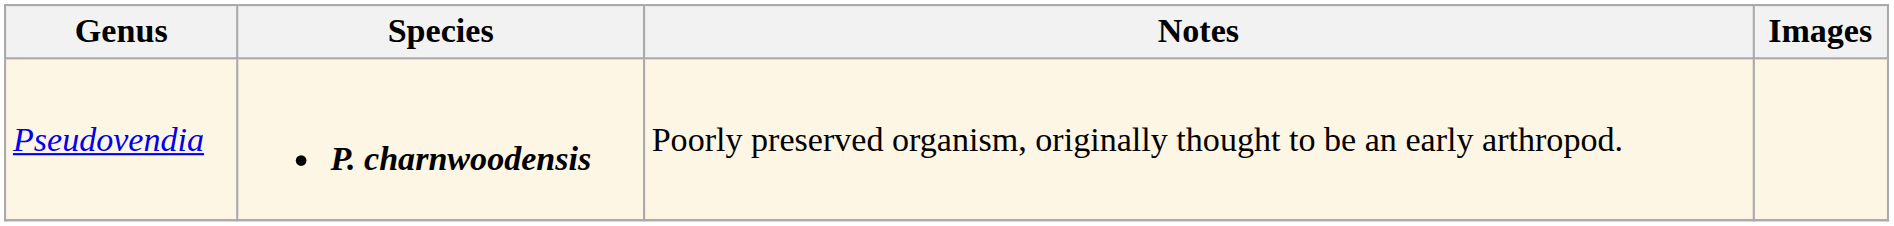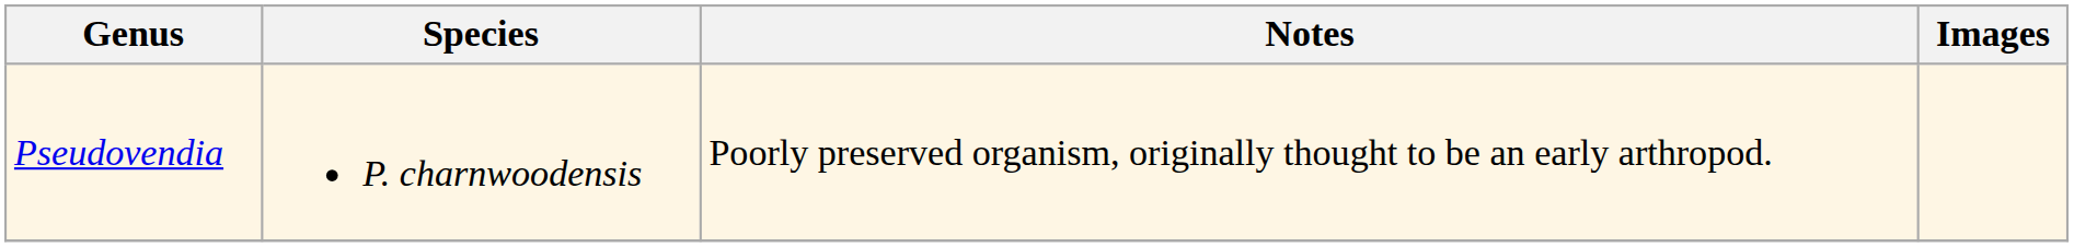 <table class="wikitable" style="width:70%;">
 <tr>
 <th>Genus</th>
 <th>Species</th>
 <th>Notes</th>
 <th>Images</th>
 </tr>
 <tr>
 <td style="background:#FEF6E4;"><em><a href='#'>Pseudovendia</a></em></td>
-<td style="background:#FEF6E4;"><strong><br><ul><li><em>P. charnwoodensis</em></li></ul></strong></td>
+<td style="background:#FEF6E4;"><br><ul><li><em>P. charnwoodensis</em></li></ul></td>
 <td style="background:#FEF6E4;">Poorly preserved organism, originally thought to be an early arthropod.</td>
 <td style="background:#FEF6E4;"></td>
 </tr>
 <tr>
 </tr>
 </table>
